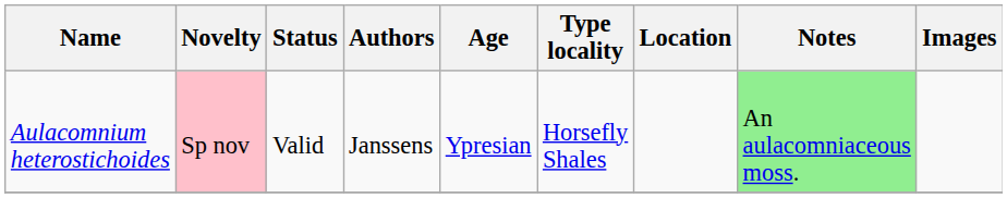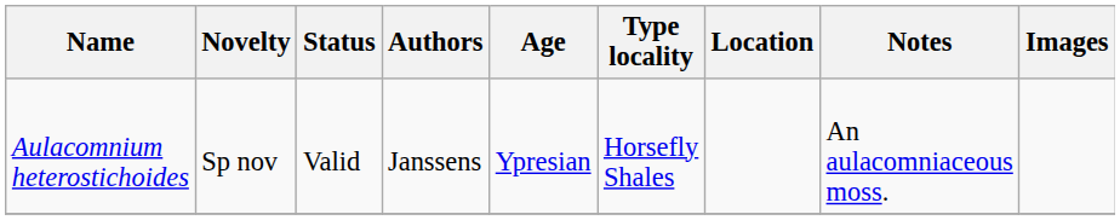 <table class="wikitable sortable" align="center" width="80%">
 <tr>
 <th>Name</th>
 <th>Novelty</th>
 <th>Status</th>
 <th>Authors</th>
 <th>Age</th>
 <th>Type locality</th>
 <th>Location</th>
 <th>Notes</th>
 <th>Images</th>
 </tr>
 <tr>
 <td><br><em><a href='#'>Aulacomnium heterostichoides</a></em></td>
-<td style="background: pink;"><br>Sp nov</td>
+<td><br>Sp nov</td>
 <td><br>Valid</td>
 <td><br>Janssens</td>
 <td><br><a href='#'>Ypresian</a></td>
 <td><br><a href='#'>Horsefly Shales</a></td>
 <td><br><br></td>
-<td style="background: lightgreen;"><br>An <a href='#'>aulacomniaceous</a> <a href='#'>moss</a>.</td>
+<td><br>An <a href='#'>aulacomniaceous</a> <a href='#'>moss</a>.</td>
 <td></td>
 </tr>
 <tr>
 </tr>
 </table>
